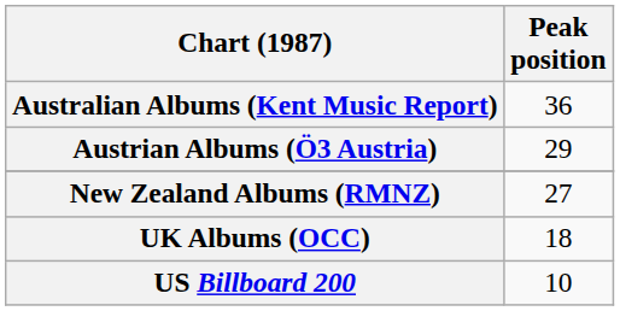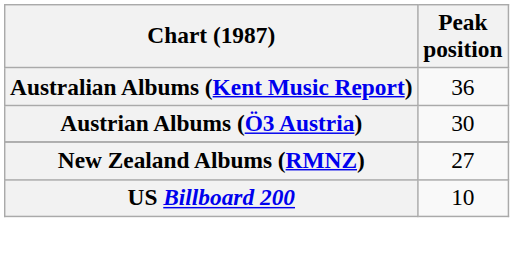 <table class="wikitable plainrowheaders sortable" style="text-align:center">
 <tr>
 <th scope="col">Chart (1987)</th>
 <th scope="col">Peak<br>position</th>
 </tr>
 <tr>
 <th scope="row">Australian Albums (<a href='#'>Kent Music Report</a>)</th>
 <td>36</td>
 </tr>
 <tr>
 <th scope="row">Austrian Albums (<a href='#'>Ö3 Austria</a>)</th>
-<td>29</td>
+<td>30</td>
 </tr>
 <tr>
 </tr>
 <tr>
 <th scope="row">New Zealand Albums (<a href='#'>RMNZ</a>)</th>
 <td>27</td>
 </tr>
 <tr>
-<th scope="row">UK Albums (<a href='#'>OCC</a>)</th>
-<td>18</td>
-</tr>
-<tr>
 <th scope="row">US <em><a href='#'>Billboard 200</a></em></th>
 <td>10</td>
 </tr>
 </table>
